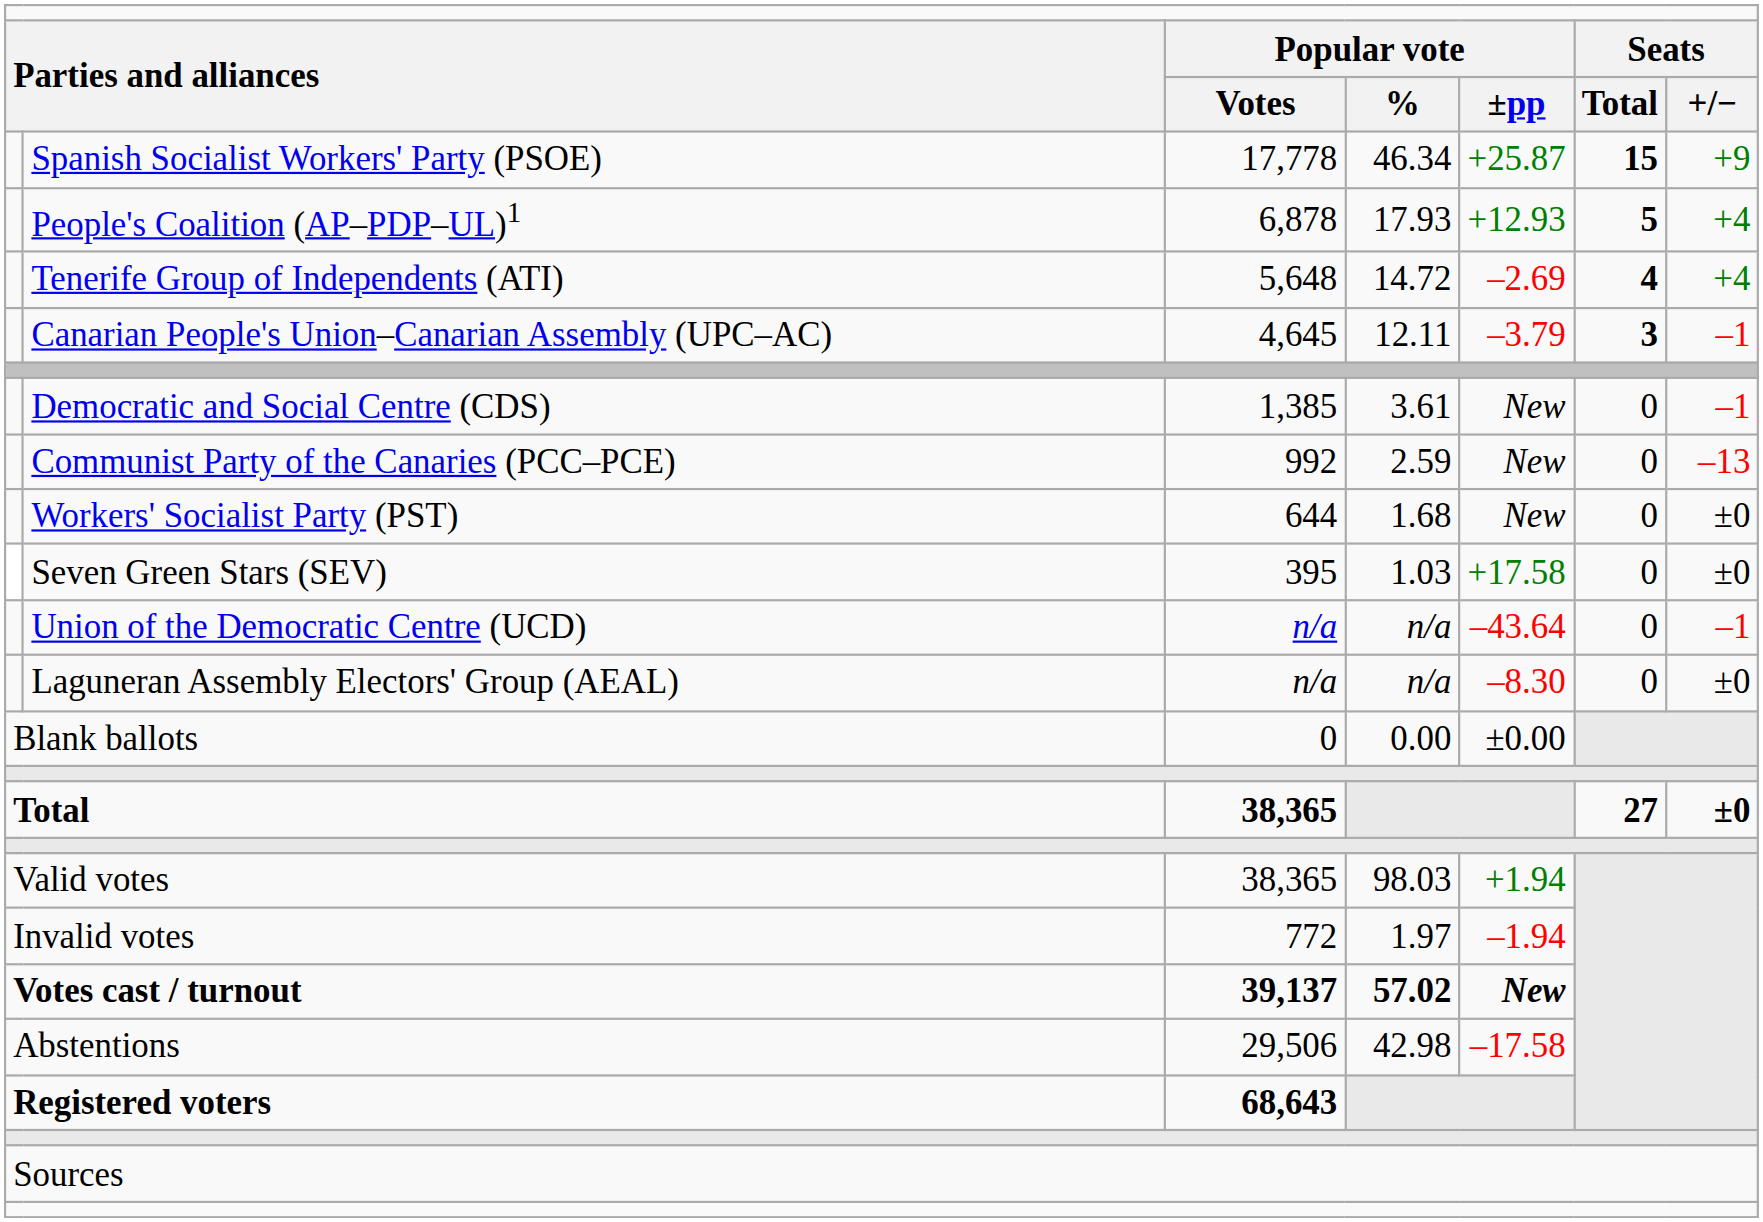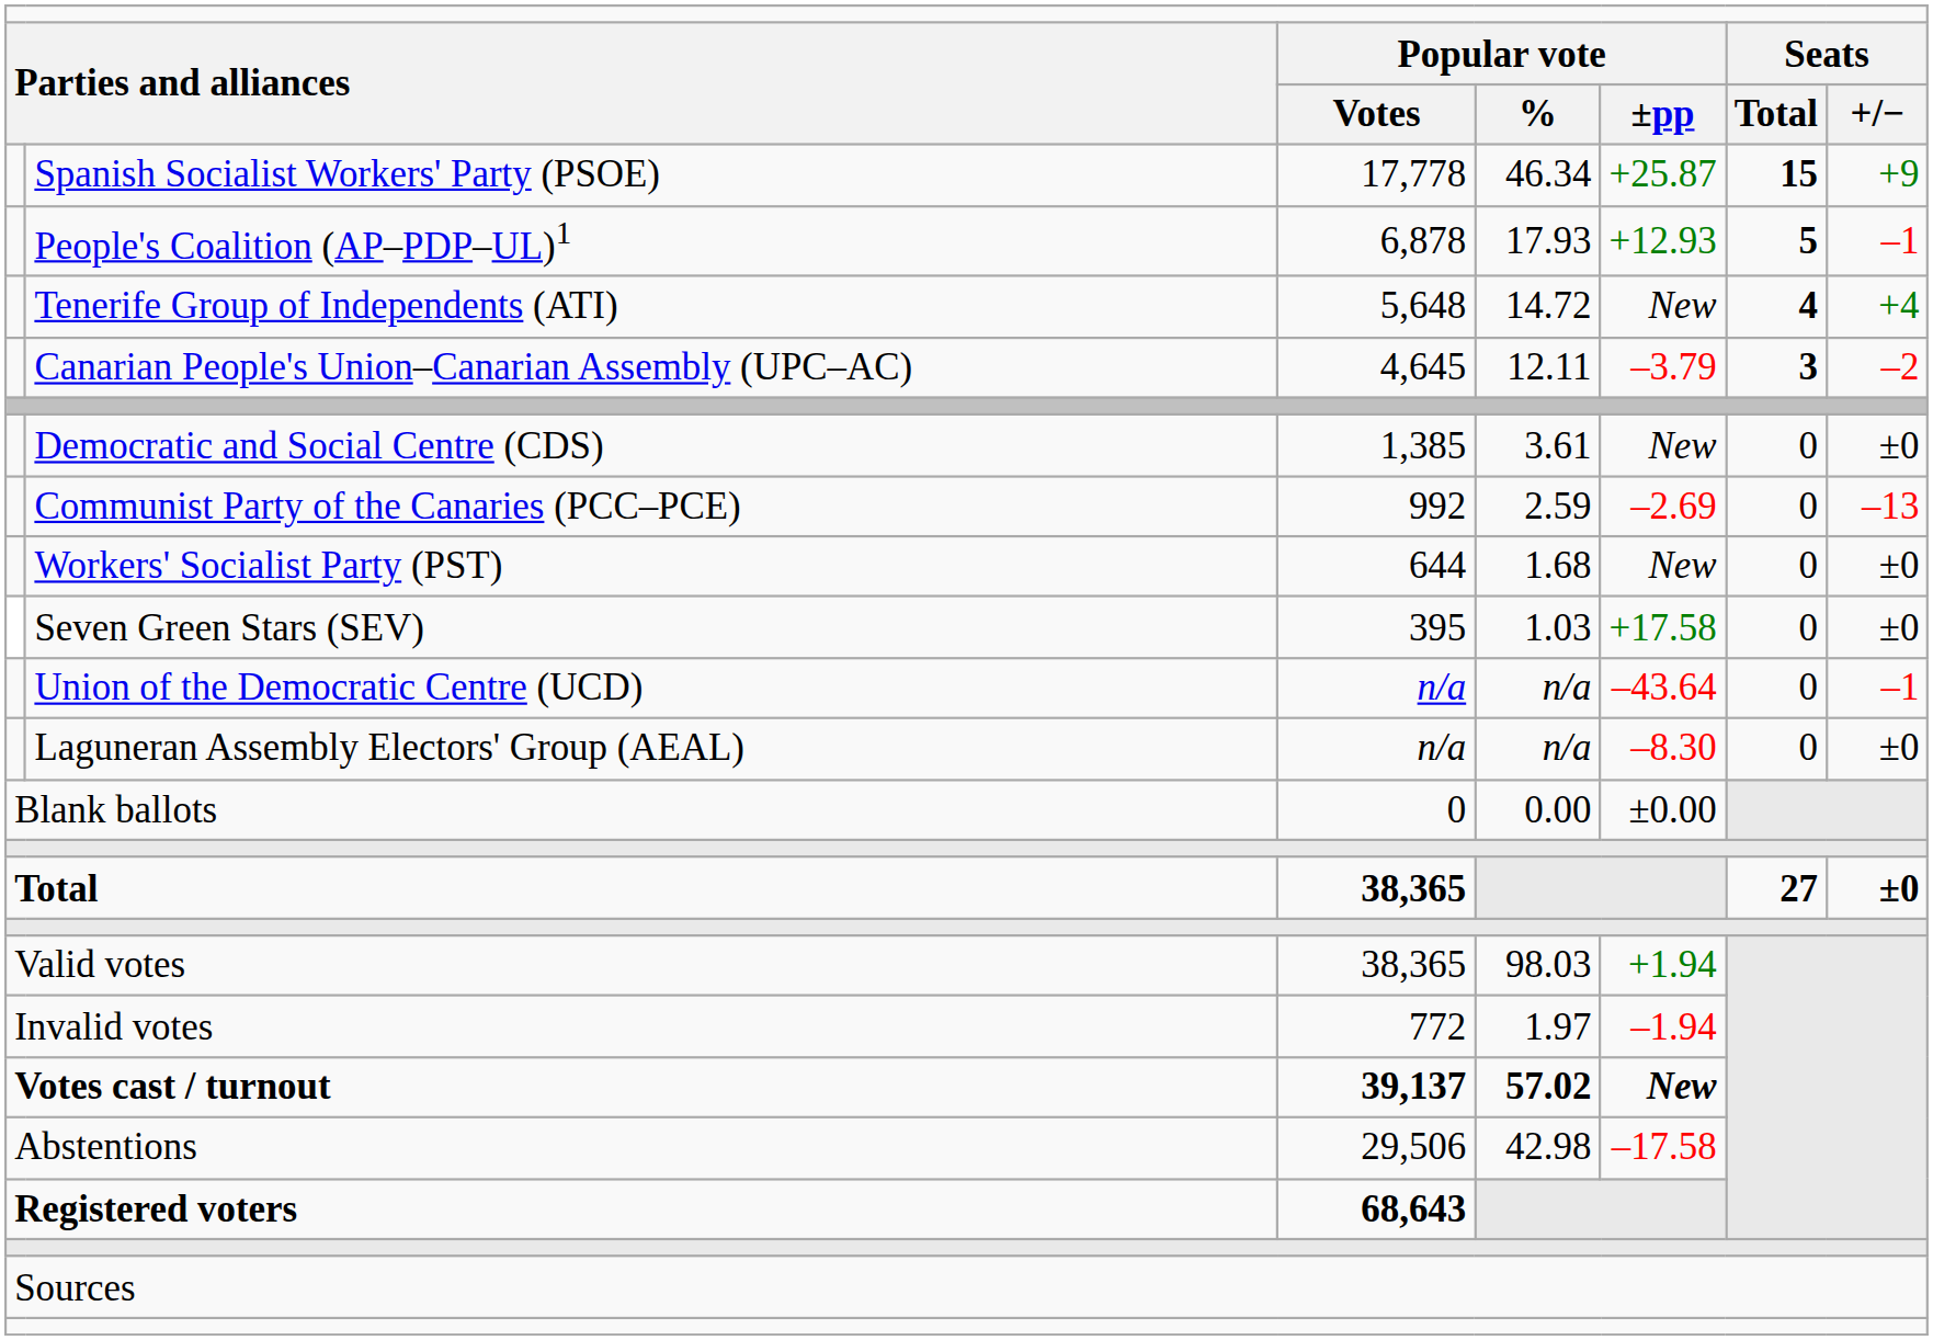 <table class="wikitable" style="text-align:right;">
 <tr>
 <td colspan="7"></td>
 </tr>
 <tr>
 <th style="text-align:left;" rowspan="2" colspan="2" width="525">Parties and alliances</th>
 <th colspan="3">Popular vote</th>
 <th colspan="2">Seats</th>
 </tr>
 <tr>
 <th width="75">Votes</th>
 <th width="45">%</th>
 <th width="45">±<a href='#'>pp</a></th>
 <th width="35">Total</th>
 <th width="35">+/−</th>
 </tr>
 <tr>
 <td width="1" style="color:inherit;background:"></td>
 <td align="left"><a href='#'>Spanish Socialist Workers' Party</a> (PSOE)</td>
 <td>17,778</td>
 <td>46.34</td>
 <td style="color:green;">+25.87</td>
 <td><strong>15</strong></td>
 <td style="color:green;">+9</td>
 </tr>
 <tr>
 <td style="color:inherit;background:"></td>
 <td align="left"><a href='#'>People's Coalition</a> (<a href='#'>AP</a>–<a href='#'>PDP</a>–<a href='#'>UL</a>)<sup>1</sup></td>
 <td>6,878</td>
 <td>17.93</td>
 <td style="color:green;">+12.93</td>
 <td><strong>5</strong></td>
-<td style="color:green;">+4</td>
+<td style="color:red;">–1</td>
 </tr>
 <tr>
 <td style="color:inherit;background:"></td>
 <td align="left"><a href='#'>Tenerife Group of Independents</a> (ATI)</td>
 <td>5,648</td>
 <td>14.72</td>
-<td style="color:red;">–2.69</td>
+<td><em>New</em></td>
 <td><strong>4</strong></td>
 <td style="color:green;">+4</td>
 </tr>
 <tr>
 <td style="color:inherit;background:"></td>
 <td align="left"><a href='#'>Canarian People's Union</a>–<a href='#'>Canarian Assembly</a> (UPC–AC)</td>
 <td>4,645</td>
 <td>12.11</td>
 <td style="color:red;">–3.79</td>
 <td><strong>3</strong></td>
-<td style="color:red;">–1</td>
+<td style="color:red;">–2</td>
 </tr>
 <tr>
 <td colspan="7" bgcolor="#C0C0C0"></td>
 </tr>
 <tr>
 <td style="color:inherit;background:"></td>
 <td align="left"><a href='#'>Democratic and Social Centre</a> (CDS)</td>
 <td>1,385</td>
 <td>3.61</td>
 <td><em>New</em></td>
 <td>0</td>
-<td style="color:red;">–1</td>
+<td>±0</td>
 </tr>
 <tr>
 <td style="color:inherit;background:"></td>
 <td align="left"><a href='#'>Communist Party of the Canaries</a> (PCC–PCE)</td>
 <td>992</td>
 <td>2.59</td>
-<td><em>New</em></td>
+<td style="color:red;">–2.69</td>
 <td>0</td>
 <td style="color:red;">–13</td>
 </tr>
 <tr>
 <td style="color:inherit;background:"></td>
 <td align="left"><a href='#'>Workers' Socialist Party</a> (PST)</td>
 <td>644</td>
 <td>1.68</td>
 <td><em>New</em></td>
 <td>0</td>
 <td>±0</td>
 </tr>
 <tr>
 <td bgcolor="white"></td>
 <td align="left">Seven Green Stars (SEV)</td>
 <td>395</td>
 <td>1.03</td>
 <td style="color:green;">+17.58</td>
 <td>0</td>
 <td>±0</td>
 </tr>
 <tr>
 <td style="color:inherit;background:"></td>
 <td align="left"><a href='#'>Union of the Democratic Centre</a> (UCD)</td>
 <td><em><a href='#'>n/a</a></em></td>
 <td><em>n/a</em></td>
 <td style="color:red;">–43.64</td>
 <td>0</td>
 <td style="color:red;">–1</td>
 </tr>
 <tr>
 <td style="color:inherit;background:"></td>
 <td align="left">Laguneran Assembly Electors' Group (AEAL)</td>
 <td><em>n/a</em></td>
 <td><em>n/a</em></td>
 <td style="color:red;">–8.30</td>
 <td>0</td>
 <td>±0</td>
 </tr>
 <tr>
 <td align="left" colspan="2">Blank ballots</td>
 <td>0</td>
 <td>0.00</td>
 <td>±0.00</td>
 <td bgcolor="#E9E9E9" colspan="2"></td>
 </tr>
 <tr>
 <td colspan="7" bgcolor="#E9E9E9"></td>
 </tr>
 <tr style="font-weight:bold;">
 <td align="left" colspan="2">Total</td>
 <td>38,365</td>
 <td bgcolor="#E9E9E9" colspan="2"></td>
 <td>27</td>
 <td>±0</td>
 </tr>
 <tr>
 <td colspan="7" bgcolor="#E9E9E9"></td>
 </tr>
 <tr>
 <td align="left" colspan="2">Valid votes</td>
 <td>38,365</td>
 <td>98.03</td>
 <td style="color:green;">+1.94</td>
 <td bgcolor="#E9E9E9" colspan="2" rowspan="5"></td>
 </tr>
 <tr>
 <td align="left" colspan="2">Invalid votes</td>
 <td>772</td>
 <td>1.97</td>
 <td style="color:red;">–1.94</td>
 </tr>
 <tr style="font-weight:bold;">
 <td align="left" colspan="2">Votes cast / turnout</td>
 <td>39,137</td>
 <td>57.02</td>
 <td><em>New</em></td>
 </tr>
 <tr>
 <td align="left" colspan="2">Abstentions</td>
 <td>29,506</td>
 <td>42.98</td>
 <td style="color:red;">–17.58</td>
 </tr>
 <tr style="font-weight:bold;">
 <td align="left" colspan="2">Registered voters</td>
 <td>68,643</td>
 <td bgcolor="#E9E9E9" colspan="2"></td>
 </tr>
 <tr>
 <td colspan="7" bgcolor="#E9E9E9"></td>
 </tr>
 <tr>
 <td align="left" colspan="7">Sources</td>
 </tr>
 <tr>
 <td colspan="7" style="text-align:left; max-width:790px;"></td>
 </tr>
 </table>
